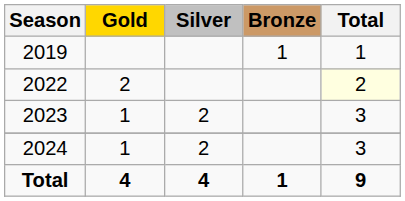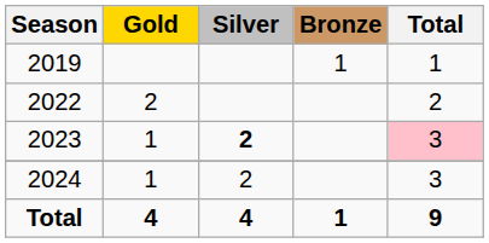 <table class="wikitable" style="text-align:center">
 <tr>
 <th width = "55">Season</th>
 <th width = "55" style="background: gold;">Gold</th>
 <th width = "55" style="background: silver;">Silver</th>
 <th width = "55" style="background: #cc9966;">Bronze</th>
 <th width = "55">Total</th>
 </tr>
 <tr>
 <td>2019</td>
 <td></td>
 <td></td>
 <td>1</td>
 <td>1</td>
 </tr>
 <tr>
 <td>2022</td>
 <td>2</td>
 <td></td>
 <td></td>
-<td style="background: lightyellow;">2</td>
+<td>2</td>
 </tr>
 <tr>
 <td>2023</td>
 <td>1</td>
-<td>2</td>
+<td><strong>2</strong></td>
 <td></td>
-<td>3</td>
+<td style="background: pink;">3</td>
 </tr>
 <tr>
 </tr>
 <tr>
 <td>2024</td>
 <td>1</td>
 <td>2</td>
 <td></td>
 <td>3</td>
 </tr>
 <tr>
 <td><strong>Total</strong></td>
 <td><strong>4</strong></td>
 <td><strong>4</strong></td>
 <td><strong>1</strong></td>
 <td><strong>9</strong></td>
 </tr>
 </table>
